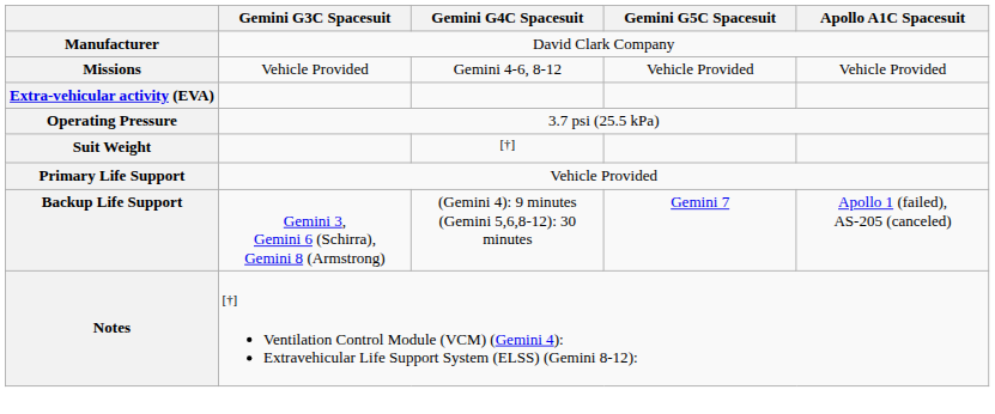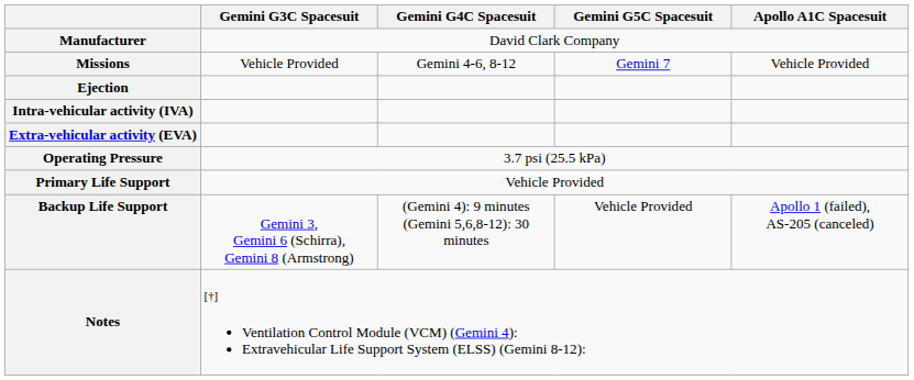 <table class="wikitable" style="font-size:95%; text-align:center;">
 <tr>
 <th width="200px"></th>
 <th width="180px">Gemini G3C Spacesuit</th>
 <th width="180px">Gemini G4C Spacesuit</th>
 <th width="180px">Gemini G5C Spacesuit</th>
 <th width="180px">Apollo A1C Spacesuit</th>
 </tr>
 <tr>
 <th>Manufacturer</th>
 <td colspan=4 align="center">David Clark Company</td>
 </tr>
 <tr>
 <th>Missions</th>
 <td>Vehicle Provided</td>
 <td>Gemini 4-6, 8-12</td>
+<td><a href='#'>Gemini 7</a></td>
 <td>Vehicle Provided</td>
-<td>Vehicle Provided</td>
+</tr>
+<tr>
+<th>Ejection</th>
+<td></td>
+<td></td>
+<td></td>
+<td></td>
+</tr>
+<tr>
+<th>Intra-vehicular activity (IVA)</th>
+<td></td>
+<td></td>
+<td></td>
+<td></td>
 </tr>
 <tr>
 <th><a href='#'>Extra-vehicular activity</a> (EVA)</th>
 <td></td>
 <td></td>
 <td></td>
 <td></td>
 </tr>
 <tr>
 <th>Operating Pressure</th>
 <td colspan=4 align="center">3.7 psi (25.5 kPa)</td>
 </tr>
-<tr valign="top">
-<th>Suit Weight</th>
-<td></td>
-<td> <sup>[†]</sup></td>
-<td></td>
-<td></td>
-</tr>
 <tr>
 <th>Primary Life Support</th>
 <td colspan=4>Vehicle Provided</td>
 </tr>
 <tr valign="top">
 <th>Backup Life Support</th>
 <td><br><a href='#'>Gemini 3</a>,<br> <a href='#'>Gemini 6</a> (Schirra),<br> <a href='#'>Gemini 8</a> (Armstrong)</td>
 <td>(Gemini 4): 9 minutes<br> (Gemini 5,6,8-12): 30 minutes</td>
-<td><a href='#'>Gemini 7</a></td>
+<td>Vehicle Provided</td>
 <td><a href='#'>Apollo 1</a> (failed),<br>AS-205 (canceled)</td>
 </tr>
 <tr>
 <th>Notes</th>
 <td colspan=4 align="left"><br><sup>[†]</sup><ul><li>Ventilation Control Module (VCM) (<a href='#'>Gemini 4</a>): </li><li>Extravehicular Life Support System (ELSS) (Gemini 8-12): </li></ul></td>
 </tr>
 </table>
